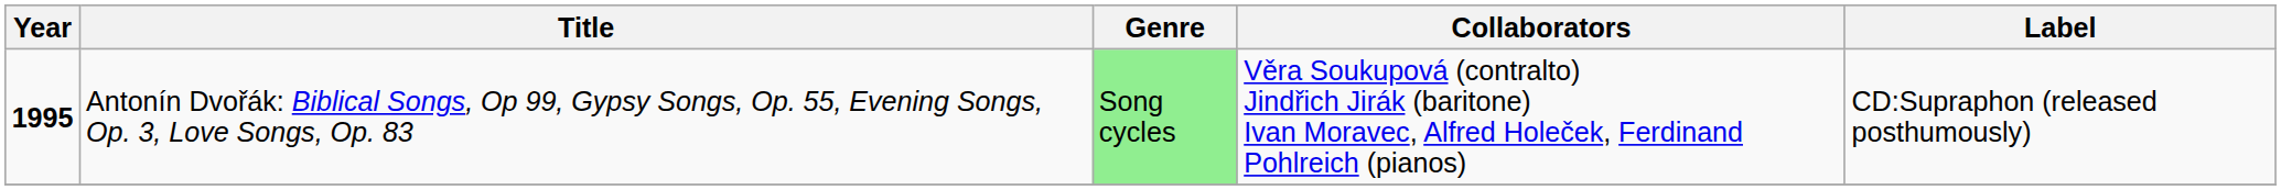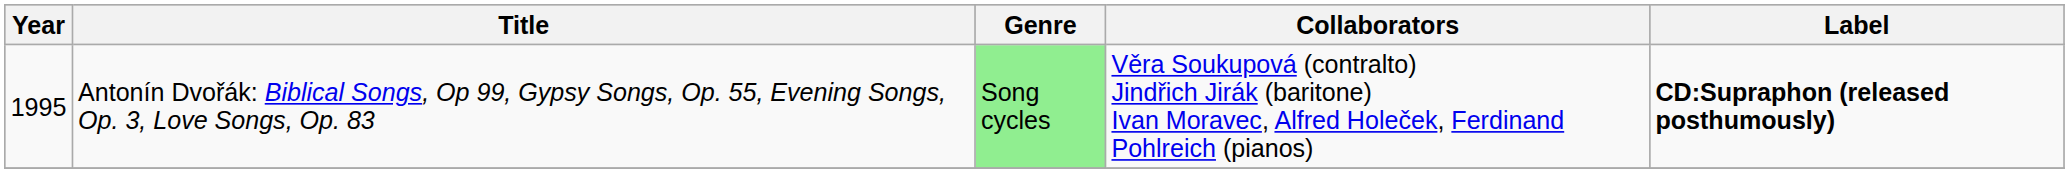 <table class="wikitable" style="font-size:95%;">
 <tr>
 <th>Year</th>
 <th>Title</th>
 <th>Genre</th>
 <th>Collaborators</th>
 <th>Label</th>
 </tr>
 <tr>
-<td><strong>1995</strong></td>
+<td>1995</td>
 <td>Antonín Dvořák: <em><a href='#'>Biblical Songs</a>, Op 99, Gypsy Songs, Op. 55, Evening Songs, Op. 3, Love Songs, Op. 83</em></td>
 <td style="background: lightgreen;">Song cycles</td>
 <td><a href='#'>Věra Soukupová</a> (contralto)<br><a href='#'>Jindřich Jirák</a> (baritone)<br><a href='#'>Ivan Moravec</a>, <a href='#'>Alfred Holeček</a>, <a href='#'>Ferdinand Pohlreich</a> (pianos)</td>
-<td>CD:Supraphon (released posthumously)</td>
+<td><strong>CD:Supraphon (released posthumously)</strong></td>
 </tr>
 <tr>
 </tr>
 </table>
